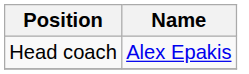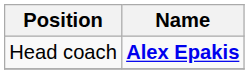 <table class="wikitable">
 <tr>
 <th>Position</th>
 <th>Name</th>
 </tr>
 <tr>
 <td>Head coach</td>
-<td><a href='#'>Alex Epakis</a></td>
+<td><strong><a href='#'>Alex Epakis</a></strong></td>
 </tr>
 <tr>
 </tr>
 </table>
